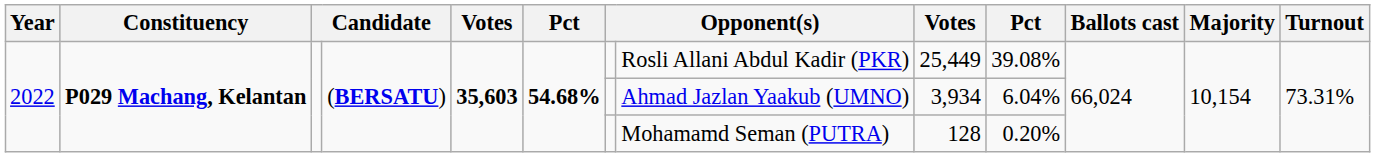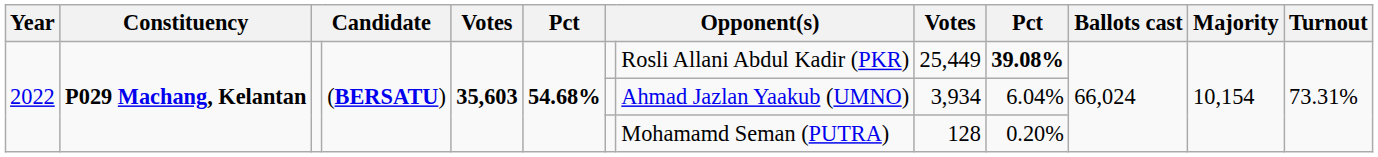 <table class="wikitable" style="margin:0.5em ; font-size:95%">
 <tr>
 <th>Year</th>
 <th>Constituency</th>
 <th colspan=2>Candidate</th>
 <th>Votes</th>
 <th>Pct</th>
 <th colspan=2>Opponent(s)</th>
 <th>Votes</th>
 <th>Pct</th>
 <th>Ballots cast</th>
 <th>Majority</th>
 <th>Turnout</th>
 </tr>
 <tr>
 <td rowspan=3><a href='#'>2022</a></td>
 <td rowspan=3><strong>P029 <a href='#'>Machang</a>, Kelantan</strong></td>
 <td rowspan=3 ></td>
 <td rowspan=3> (<strong><a href='#'>BERSATU</a></strong>)</td>
 <td rowspan=3 align="right"><strong>35,603</strong></td>
 <td rowspan=3><strong>54.68%</strong></td>
 <td></td>
 <td>Rosli Allani Abdul Kadir (<a href='#'>PKR</a>)</td>
 <td align="right">25,449</td>
-<td>39.08%</td>
+<td><strong>39.08%</strong></td>
 <td rowspan=3>66,024</td>
 <td rowspan=3>10,154</td>
 <td rowspan=3>73.31%</td>
 </tr>
 <tr>
 <td></td>
 <td><a href='#'>Ahmad Jazlan Yaakub</a> (<a href='#'>UMNO</a>)</td>
 <td align="right">3,934</td>
 <td align="right">6.04%</td>
 </tr>
 <tr>
 <td bgcolor=></td>
 <td>Mohamamd Seman (<a href='#'>PUTRA</a>)</td>
 <td align="right">128</td>
 <td align="right">0.20%</td>
 </tr>
 </table>
